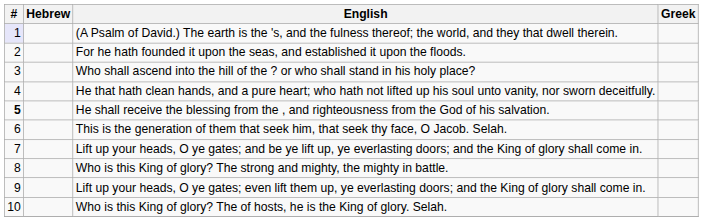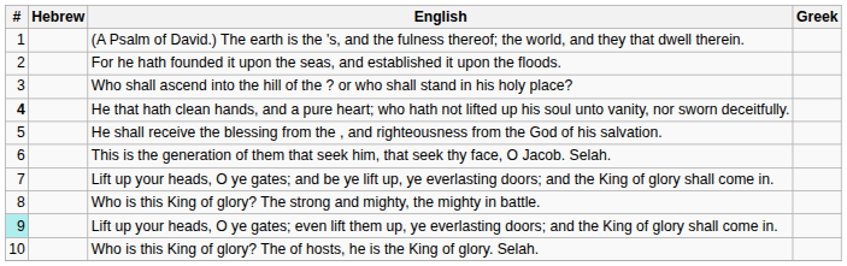 <table class=wikitable>
 <tr>
 <th>#</th>
 <th>Hebrew</th>
 <th>English</th>
 <th>Greek</th>
 </tr>
 <tr>
-<td style="background: lavender; text-align:right">1</td>
+<td style="text-align:right">1</td>
 <td style="text-align:right"></td>
 <td>(A Psalm of David.) The earth is the 's, and the fulness thereof; the world, and they that dwell therein.</td>
 <td></td>
 </tr>
 <tr>
 <td style="text-align:right">2</td>
 <td style="text-align:right"></td>
 <td>For he hath founded it upon the seas, and established it upon the floods.</td>
 <td></td>
 </tr>
 <tr>
 <td style="text-align:right">3</td>
 <td style="text-align:right"></td>
 <td>Who shall ascend into the hill of the ? or who shall stand in his holy place?</td>
 <td></td>
 </tr>
 <tr>
-<td style="text-align:right">4</td>
+<td style="text-align:right"><strong>4</strong></td>
 <td style="text-align:right"></td>
 <td>He that hath clean hands, and a pure heart; who hath not lifted up his soul unto vanity, nor sworn deceitfully.</td>
 <td></td>
 </tr>
 <tr>
-<td style="text-align:right"><strong>5</strong></td>
+<td style="text-align:right">5</td>
 <td style="text-align:right"></td>
 <td>He shall receive the blessing from the , and righteousness from the God of his salvation.</td>
 <td></td>
 </tr>
 <tr>
 <td style="text-align:right">6</td>
 <td style="text-align:right"></td>
 <td>This is the generation of them that seek him, that seek thy face, O Jacob. Selah.</td>
 <td></td>
 </tr>
 <tr>
 <td style="text-align:right">7</td>
 <td style="text-align:right"></td>
 <td>Lift up your heads, O ye gates; and be ye lift up, ye everlasting doors; and the King of glory shall come in.</td>
 <td></td>
 </tr>
 <tr>
 <td style="text-align:right">8</td>
 <td style="text-align:right"></td>
 <td>Who is this King of glory? The  strong and mighty, the  mighty in battle.</td>
 <td></td>
 </tr>
 <tr>
-<td style="text-align:right">9</td>
+<td style="background: paleturquoise; text-align:right">9</td>
 <td style="text-align:right"></td>
 <td>Lift up your heads, O ye gates; even lift them up, ye everlasting doors; and the King of glory shall come in.</td>
 <td></td>
 </tr>
 <tr>
 <td style="text-align:right">10</td>
 <td style="text-align:right"></td>
 <td>Who is this King of glory? The  of hosts, he is the King of glory. Selah.</td>
 <td></td>
 </tr>
 <tr>
 </tr>
 </table>
